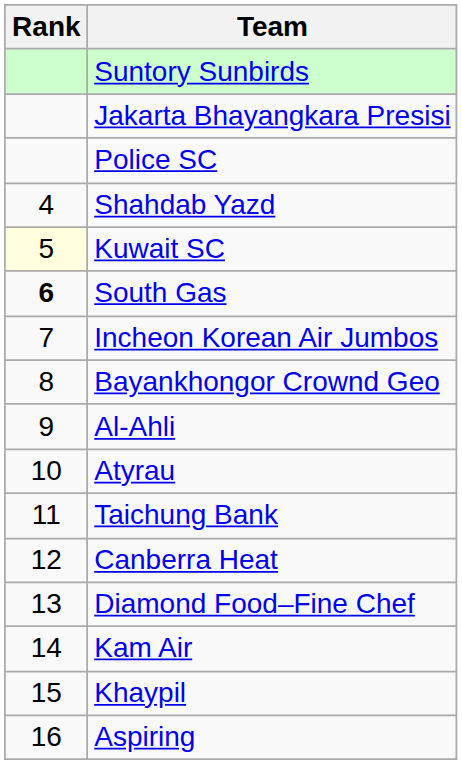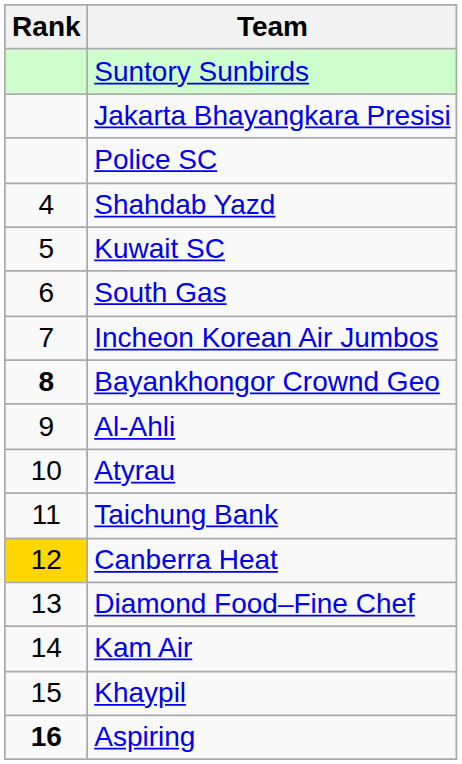 <table class="wikitable" style="text-align:center;">
 <tr>
 <th width=40>Rank</th>
 <th>Team</th>
 </tr>
 <tr bgcolor=#ccffcc>
 <td></td>
 <td style="text-align:left;"> <a href='#'>Suntory Sunbirds</a></td>
 </tr>
 <tr>
 <td></td>
 <td style="text-align:left;"> <a href='#'>Jakarta Bhayangkara Presisi</a></td>
 </tr>
 <tr>
 <td></td>
 <td style="text-align:left;"> <a href='#'>Police SC</a></td>
 </tr>
 <tr>
 <td>4</td>
 <td style="text-align:left;"> <a href='#'>Shahdab Yazd</a></td>
 </tr>
 <tr>
-<td style="background: lightyellow;">5</td>
+<td>5</td>
 <td style="text-align:left;"> <a href='#'>Kuwait SC</a></td>
 </tr>
 <tr>
-<td><strong>6</strong></td>
+<td>6</td>
 <td style="text-align:left;"> <a href='#'>South Gas</a></td>
 </tr>
 <tr>
 <td>7</td>
 <td style="text-align:left;"> <a href='#'>Incheon Korean Air Jumbos</a></td>
 </tr>
 <tr>
-<td>8</td>
+<td><strong>8</strong></td>
 <td style="text-align:left;"> <a href='#'>Bayankhongor Crownd Geo</a></td>
 </tr>
 <tr>
 <td>9</td>
 <td style="text-align:left;"> <a href='#'>Al-Ahli</a></td>
 </tr>
 <tr>
 <td>10</td>
 <td style="text-align:left;"> <a href='#'>Atyrau</a></td>
 </tr>
 <tr>
 <td>11</td>
 <td style="text-align:left;"> <a href='#'>Taichung Bank</a></td>
 </tr>
 <tr>
-<td>12</td>
+<td style="background: gold;">12</td>
 <td style="text-align:left;"> <a href='#'>Canberra Heat</a></td>
 </tr>
 <tr>
 <td>13</td>
 <td style="text-align:left;"> <a href='#'>Diamond Food–Fine Chef</a></td>
 </tr>
 <tr>
 <td>14</td>
 <td style="text-align:left;"> <a href='#'>Kam Air</a></td>
 </tr>
 <tr>
 <td>15</td>
 <td style="text-align:left;"> <a href='#'>Khaypil</a></td>
 </tr>
 <tr>
-<td>16</td>
+<td><strong>16</strong></td>
 <td style="text-align:left;"> <a href='#'>Aspiring</a></td>
 </tr>
 </table>
